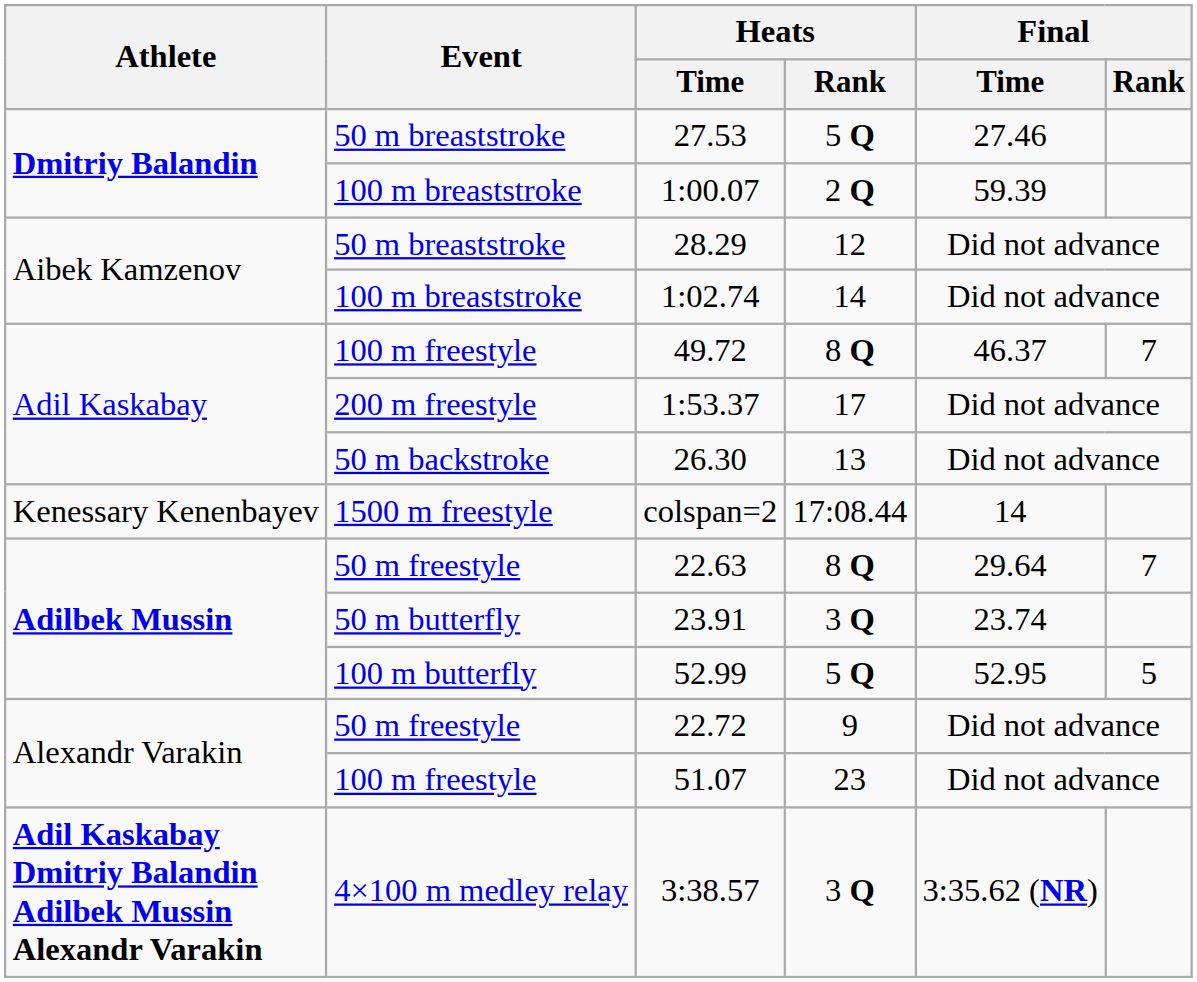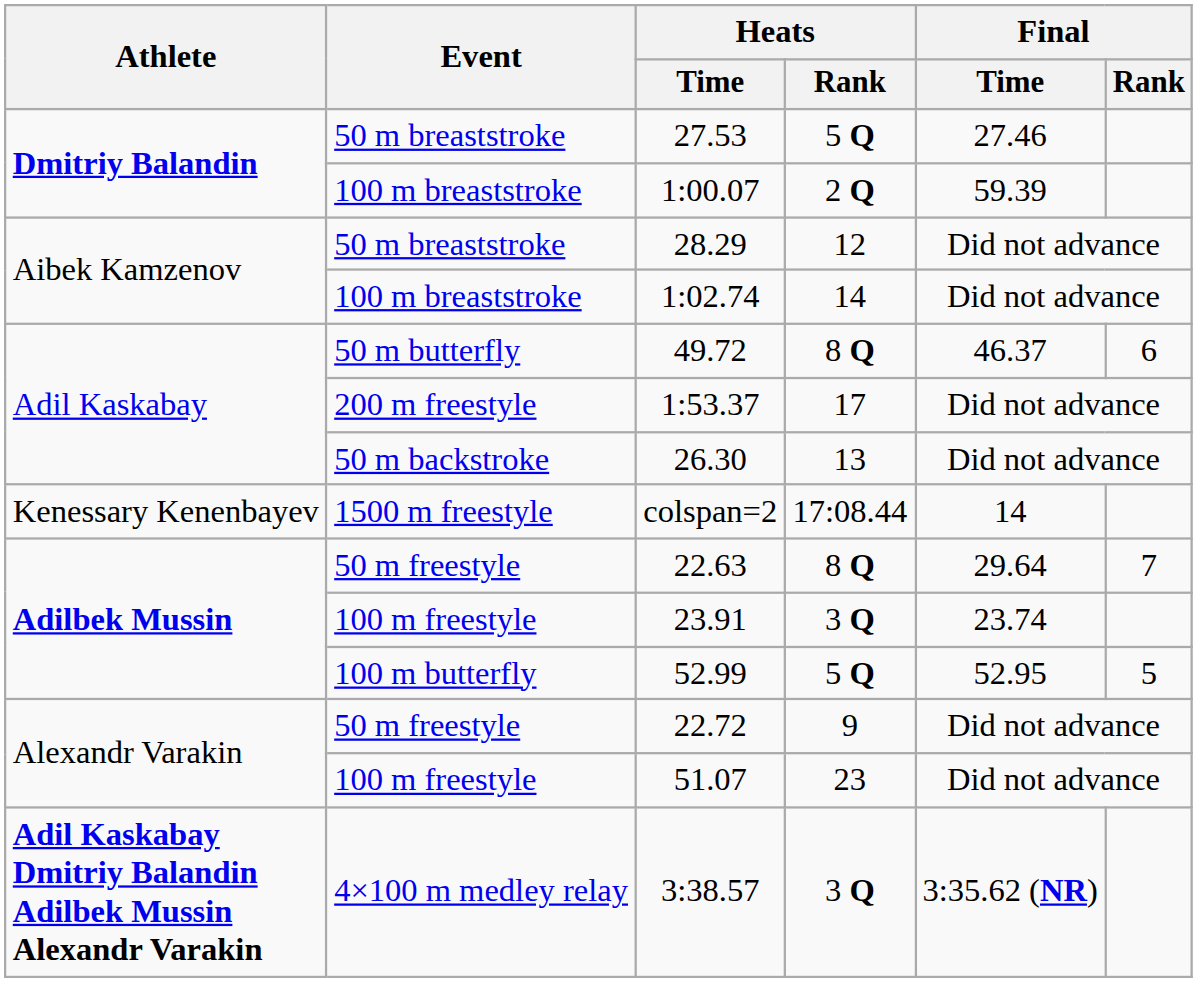 <table class=wikitable style=font-size:90%;text-align:center>
 <tr>
 <th rowspan="2">Athlete</th>
 <th rowspan="2">Event</th>
 <th colspan="2">Heats</th>
 <th colspan="2">Final</th>
 </tr>
 <tr style="font-size:95%">
 <th>Time</th>
 <th>Rank</th>
 <th>Time</th>
 <th>Rank</th>
 </tr>
 <tr>
 <td align=left rowspan=2><strong><a href='#'>Dmitriy Balandin</a></strong></td>
 <td align=left><a href='#'>50 m breaststroke</a></td>
 <td>27.53</td>
 <td>5 <strong>Q</strong></td>
 <td>27.46</td>
 <td></td>
 </tr>
 <tr>
 <td align=left><a href='#'>100 m breaststroke</a></td>
 <td>1:00.07</td>
 <td>2 <strong>Q</strong></td>
 <td>59.39</td>
 <td></td>
 </tr>
 <tr>
 <td align=left rowspan=2>Aibek Kamzenov</td>
 <td align=left><a href='#'>50 m breaststroke</a></td>
 <td>28.29</td>
 <td>12</td>
 <td colspan=2>Did not advance</td>
 </tr>
 <tr>
 <td align=left><a href='#'>100 m breaststroke</a></td>
 <td>1:02.74</td>
 <td>14</td>
 <td colspan=2>Did not advance</td>
 </tr>
 <tr>
 <td align=left rowspan=3><a href='#'>Adil Kaskabay</a></td>
-<td align=left><a href='#'>100 m freestyle</a></td>
+<td align=left><a href='#'>50 m butterfly</a></td>
 <td>49.72</td>
 <td>8 <strong>Q</strong></td>
 <td>46.37</td>
-<td>7</td>
+<td>6</td>
 </tr>
 <tr>
 <td align=left><a href='#'>200 m freestyle</a></td>
 <td>1:53.37</td>
 <td>17</td>
 <td colspan=2>Did not advance</td>
 </tr>
 <tr>
 <td align=left><a href='#'>50 m backstroke</a></td>
 <td>26.30</td>
 <td>13</td>
 <td colspan=2>Did not advance</td>
 </tr>
 <tr>
 <td align=left>Kenessary Kenenbayev️</td>
 <td align=left><a href='#'>1500 m freestyle</a></td>
 <td>colspan=2 </td>
 <td>17:08.44</td>
 <td>14</td>
 </tr>
 <tr>
 <td align=left rowspan=3><strong><a href='#'>Adilbek Mussin</a></strong></td>
 <td align=left><a href='#'>50 m freestyle</a></td>
 <td>22.63</td>
 <td>8 <strong>Q</strong></td>
 <td>29.64</td>
 <td>7</td>
 </tr>
 <tr>
-<td align=left><a href='#'>50 m butterfly</a></td>
+<td align=left><a href='#'>100 m freestyle</a></td>
 <td>23.91</td>
 <td>3 <strong>Q</strong></td>
 <td>23.74</td>
 <td></td>
 </tr>
 <tr>
 <td align=left><a href='#'>100 m butterfly</a></td>
 <td>52.99</td>
 <td>5 <strong>Q</strong></td>
 <td>52.95</td>
 <td>5</td>
 </tr>
 <tr>
 <td align=left rowspan=2>Alexandr Varakin</td>
 <td align=left><a href='#'>50 m freestyle</a></td>
 <td>22.72</td>
 <td>9</td>
 <td colspan=2>Did not advance</td>
 </tr>
 <tr>
 <td align=left><a href='#'>100 m freestyle</a></td>
 <td>51.07</td>
 <td>23</td>
 <td colspan=2>Did not advance</td>
 </tr>
 <tr>
 <td align=left><strong><a href='#'>Adil Kaskabay</a><br><a href='#'>Dmitriy Balandin</a><br><a href='#'>Adilbek Mussin</a><br>Alexandr Varakin</strong></td>
 <td align=left><a href='#'>4×100 m medley relay</a></td>
 <td>3:38.57</td>
 <td>3 <strong>Q</strong></td>
 <td>3:35.62 (<strong><a href='#'>NR</a></strong>)</td>
 <td></td>
 </tr>
 </table>
